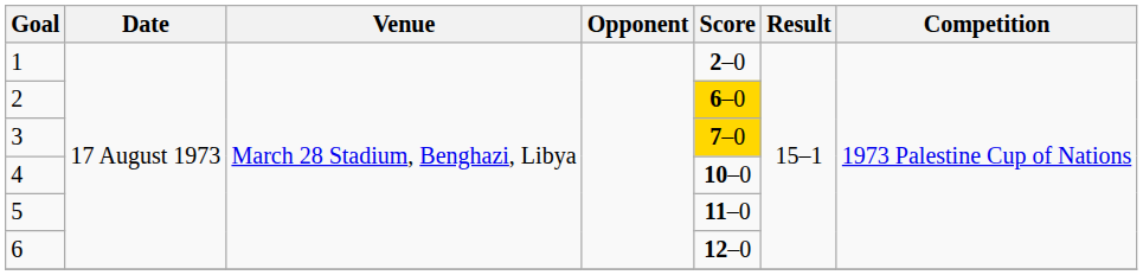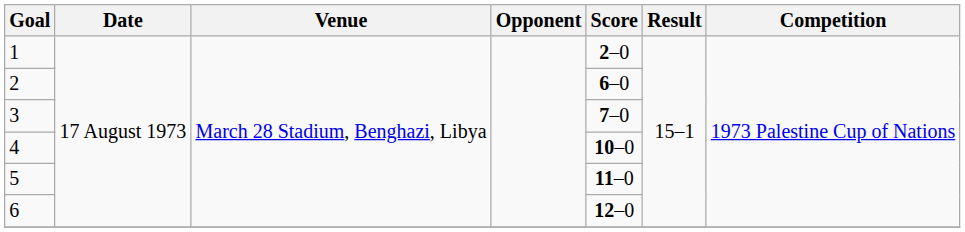 <table class="wikitable">
 <tr>
 <th>Goal</th>
 <th>Date</th>
 <th>Venue</th>
 <th>Opponent</th>
 <th>Score</th>
 <th>Result</th>
 <th>Competition</th>
 </tr>
 <tr>
 <td>1</td>
 <td rowspan = 6>17 August 1973</td>
 <td rowspan = 6><a href='#'>March 28 Stadium</a>, <a href='#'>Benghazi</a>, Libya</td>
 <td rowspan = 6></td>
 <td align=center><strong>2</strong>–0</td>
 <td rowspan = 6 align=center>15–1</td>
 <td rowspan = 6><a href='#'>1973 Palestine Cup of Nations</a></td>
 </tr>
 <tr>
 <td>2</td>
-<td align=center style="background: gold;"><strong>6</strong>–0</td>
+<td align=center><strong>6</strong>–0</td>
 </tr>
 <tr>
 <td>3</td>
-<td align=center style="background: gold;"><strong>7</strong>–0</td>
+<td align=center><strong>7</strong>–0</td>
 </tr>
 <tr>
 <td>4</td>
 <td align=center><strong>10</strong>–0</td>
 </tr>
 <tr>
 <td>5</td>
 <td align=center><strong>11</strong>–0</td>
 </tr>
 <tr>
 <td>6</td>
 <td align=center><strong>12</strong>–0</td>
 </tr>
 <tr>
 </tr>
 </table>
